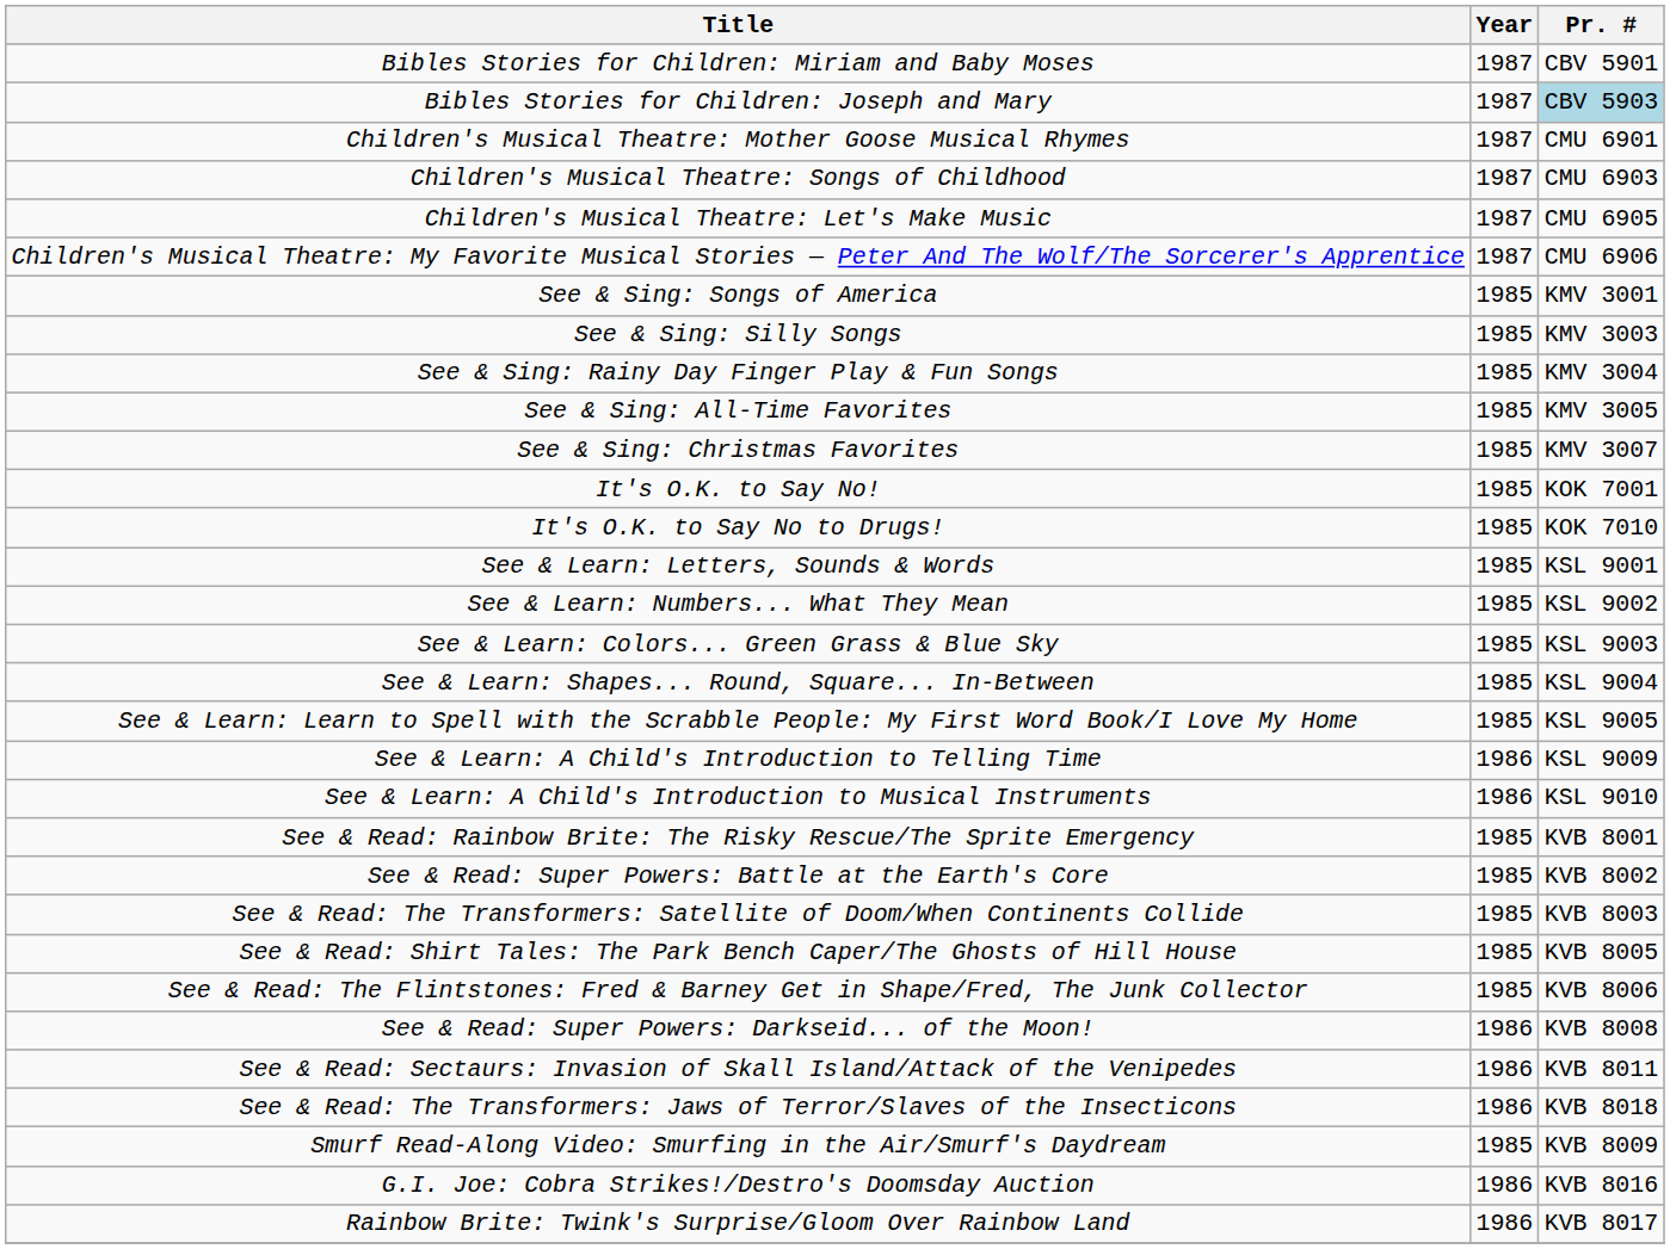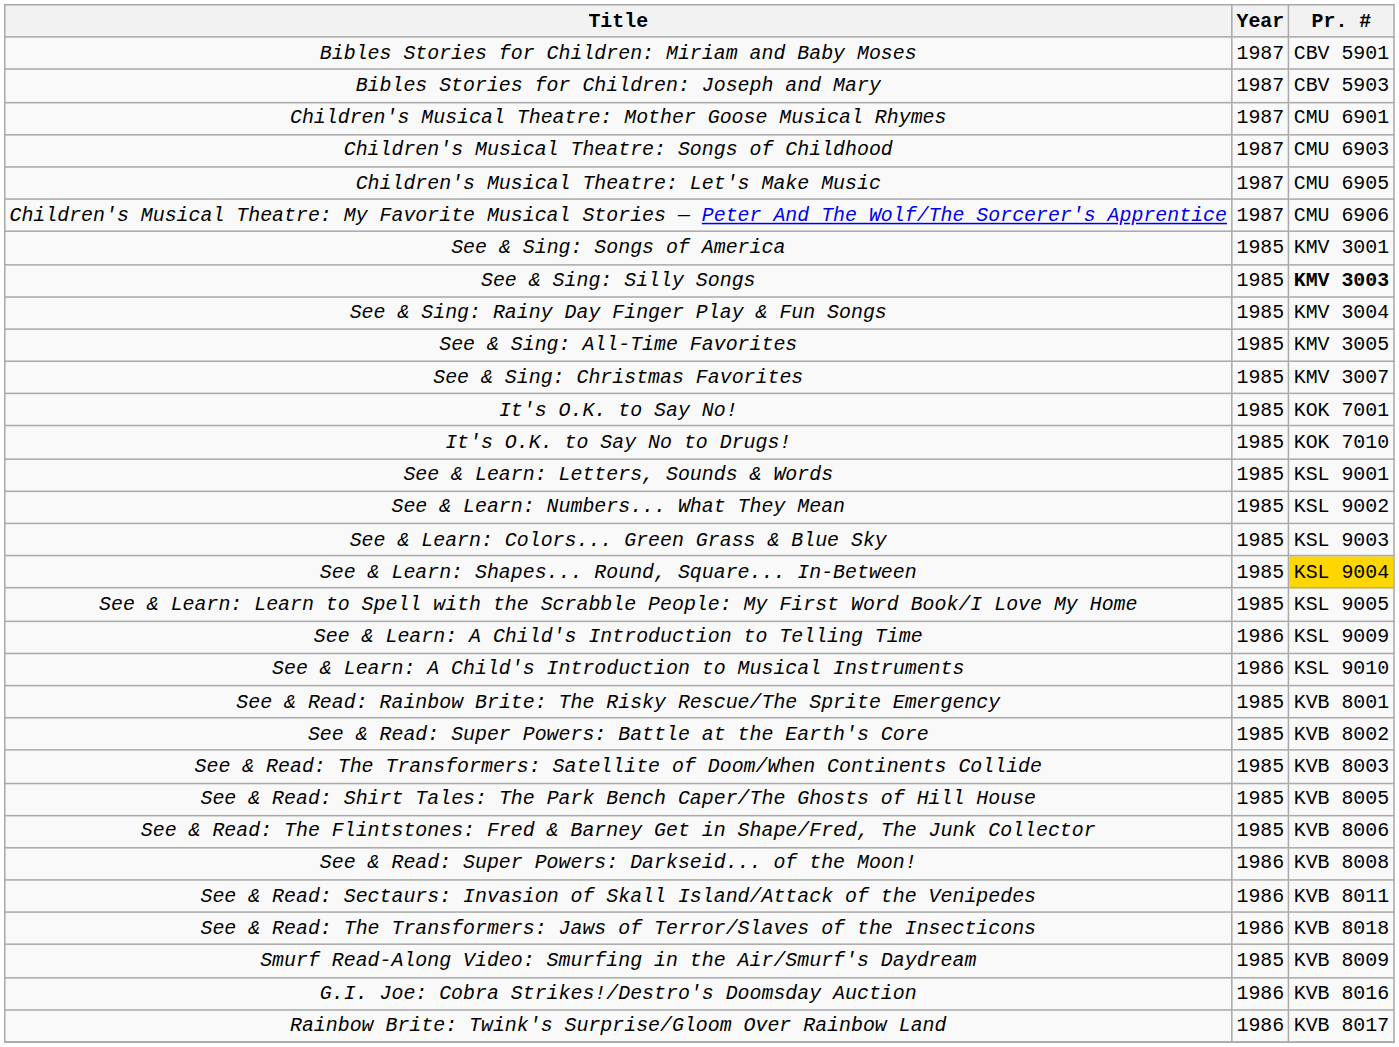 <table class="wikitable" style="text-align:center">
 <tr>
 <th>Title</th>
 <th>Year</th>
 <th>Pr. #</th>
 </tr>
 <tr>
 <td><em>Bibles Stories for Children: Miriam and Baby Moses</em></td>
 <td>1987</td>
 <td>CBV 5901</td>
 </tr>
 <tr>
 <td><em>Bibles Stories for Children: Joseph and Mary</em></td>
 <td>1987</td>
-<td style="background: lightblue;">CBV 5903</td>
+<td>CBV 5903</td>
 </tr>
 <tr>
 <td><em>Children's Musical Theatre: Mother Goose Musical Rhymes</em></td>
 <td>1987</td>
 <td>CMU 6901</td>
 </tr>
 <tr>
 <td><em>Children's Musical Theatre: Songs of Childhood</em></td>
 <td>1987</td>
 <td>CMU 6903</td>
 </tr>
 <tr>
 <td><em>Children's Musical Theatre: Let's Make Music</em></td>
 <td>1987</td>
 <td>CMU 6905</td>
 </tr>
 <tr>
 <td><em>Children's Musical Theatre: My Favorite Musical Stories — <a href='#'>Peter And The Wolf/The Sorcerer's Apprentice</a></em></td>
 <td>1987</td>
 <td>CMU 6906</td>
 </tr>
 <tr>
 <td><em>See & Sing: Songs of America</em></td>
 <td>1985</td>
 <td>KMV 3001</td>
 </tr>
 <tr>
 <td><em>See & Sing: Silly Songs</em></td>
 <td>1985</td>
-<td>KMV 3003</td>
+<td><strong>KMV 3003</strong></td>
 </tr>
 <tr>
 <td><em>See & Sing: Rainy Day Finger Play & Fun Songs</em></td>
 <td>1985</td>
 <td>KMV 3004</td>
 </tr>
 <tr>
 <td><em>See & Sing: All-Time Favorites</em></td>
 <td>1985</td>
 <td>KMV 3005</td>
 </tr>
 <tr>
 <td><em>See & Sing: Christmas Favorites</em></td>
 <td>1985</td>
 <td>KMV 3007</td>
 </tr>
 <tr>
 <td><em>It's O.K. to Say No!</em></td>
 <td>1985</td>
 <td>KOK 7001</td>
 </tr>
 <tr>
 <td><em>It's O.K. to Say No to Drugs!</em></td>
 <td>1985</td>
 <td>KOK 7010</td>
 </tr>
 <tr>
 <td><em>See & Learn: Letters, Sounds & Words</em></td>
 <td>1985</td>
 <td>KSL 9001</td>
 </tr>
 <tr>
 <td><em>See & Learn: Numbers... What They Mean</em></td>
 <td>1985</td>
 <td>KSL 9002</td>
 </tr>
 <tr>
 <td><em>See & Learn: Colors... Green Grass & Blue Sky</em></td>
 <td>1985</td>
 <td>KSL 9003</td>
 </tr>
 <tr>
 <td><em>See & Learn: Shapes... Round, Square... In-Between</em></td>
 <td>1985</td>
-<td>KSL 9004</td>
+<td style="background: gold;">KSL 9004</td>
 </tr>
 <tr>
 <td><em>See & Learn: Learn to Spell with the Scrabble People: My First Word Book/I Love My Home</em></td>
 <td>1985</td>
 <td>KSL 9005</td>
 </tr>
 <tr>
 <td><em>See & Learn: A Child's Introduction to Telling Time</em></td>
 <td>1986</td>
 <td>KSL 9009</td>
 </tr>
 <tr>
 <td><em>See & Learn: A Child's Introduction to Musical Instruments</em></td>
 <td>1986</td>
 <td>KSL 9010</td>
 </tr>
 <tr>
 <td><em>See & Read: Rainbow Brite: The Risky Rescue/The Sprite Emergency</em></td>
 <td>1985</td>
 <td>KVB 8001</td>
 </tr>
 <tr>
 <td><em>See & Read: Super Powers: Battle at the Earth's Core</em></td>
 <td>1985</td>
 <td>KVB 8002</td>
 </tr>
 <tr>
 <td><em>See & Read: The Transformers: Satellite of Doom/When Continents Collide</em></td>
 <td>1985</td>
 <td>KVB 8003</td>
 </tr>
 <tr>
 <td><em>See & Read: Shirt Tales: The Park Bench Caper/The Ghosts of Hill House</em></td>
 <td>1985</td>
 <td>KVB 8005</td>
 </tr>
 <tr>
 <td><em>See & Read: The Flintstones: Fred & Barney Get in Shape/Fred, The Junk Collector</em></td>
 <td>1985</td>
 <td>KVB 8006</td>
 </tr>
 <tr>
 <td><em>See & Read: Super Powers: Darkseid... of the Moon!</em></td>
 <td>1986</td>
 <td>KVB 8008</td>
 </tr>
 <tr>
 <td><em>See & Read: Sectaurs: Invasion of Skall Island/Attack of the Venipedes</em></td>
 <td>1986</td>
 <td>KVB 8011</td>
 </tr>
 <tr>
 <td><em>See & Read: The Transformers: Jaws of Terror/Slaves of the Insecticons</em></td>
 <td>1986</td>
 <td>KVB 8018</td>
 </tr>
 <tr>
 <td><em>Smurf Read-Along Video: Smurfing in the Air/Smurf's Daydream</em></td>
 <td>1985</td>
 <td>KVB 8009</td>
 </tr>
 <tr>
 <td><em>G.I. Joe: Cobra Strikes!/Destro's Doomsday Auction</em></td>
 <td>1986</td>
 <td>KVB 8016</td>
 </tr>
 <tr>
 <td><em>Rainbow Brite: Twink's Surprise/Gloom Over Rainbow Land</em></td>
 <td>1986</td>
 <td>KVB 8017</td>
 </tr>
 <tr>
 </tr>
 </table>
